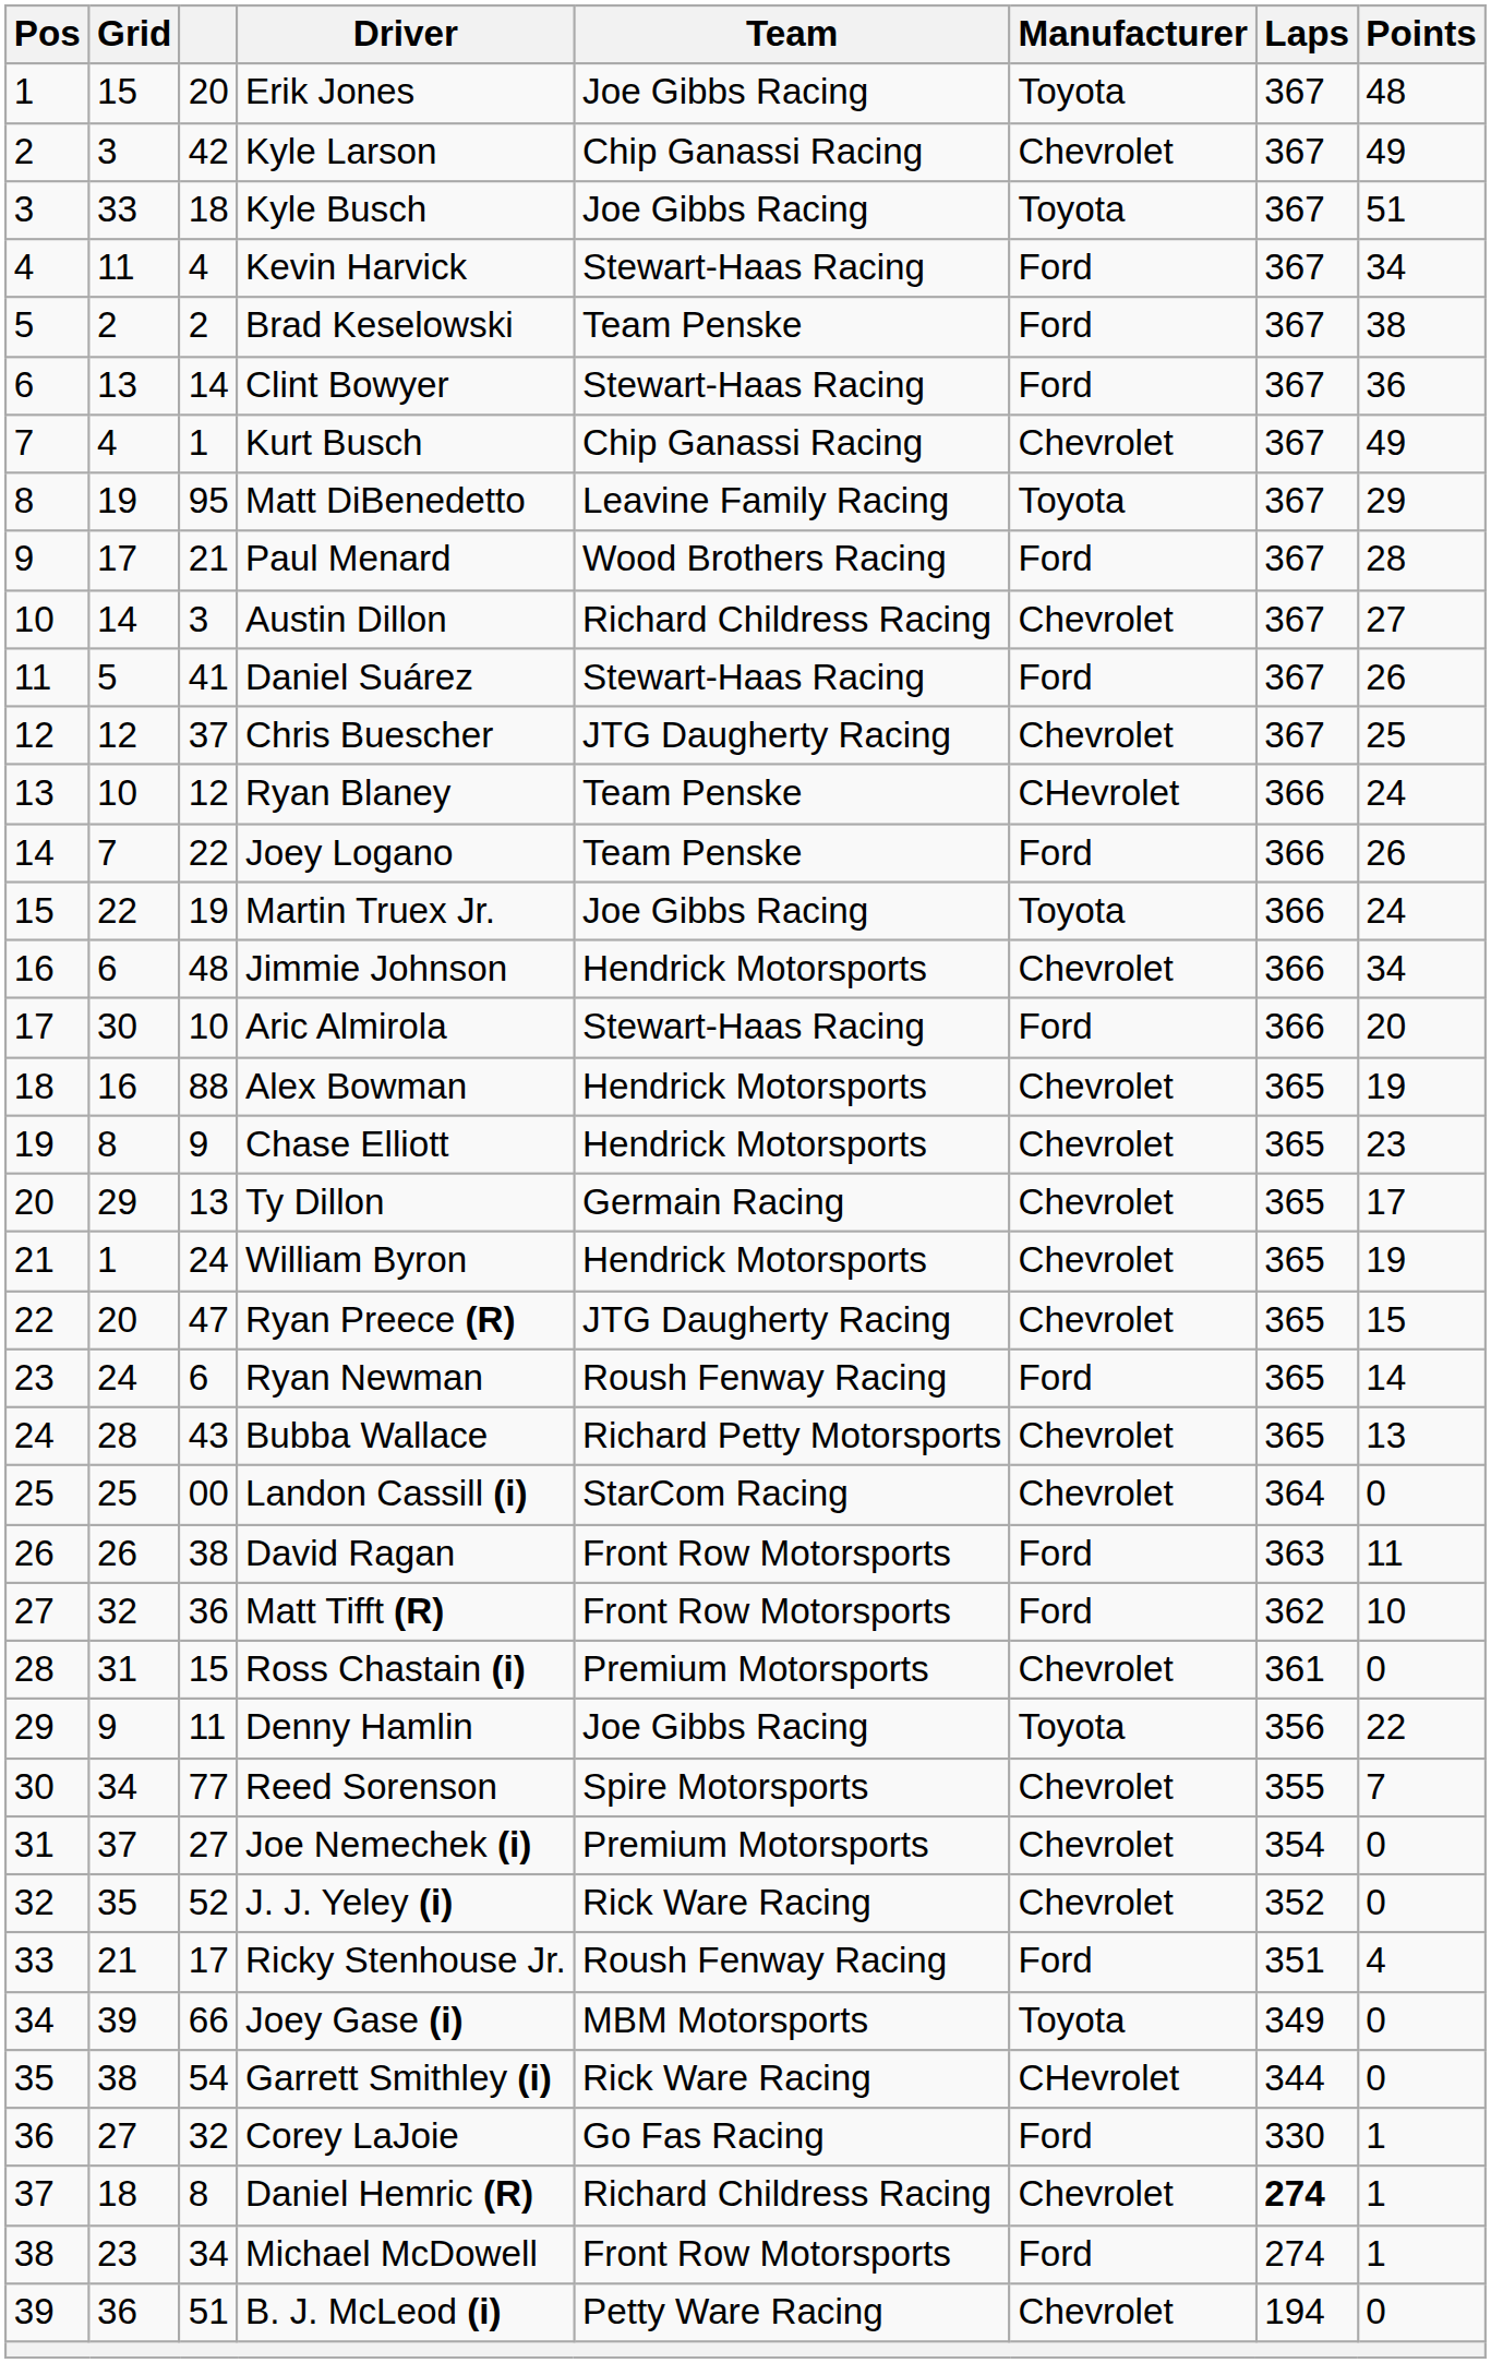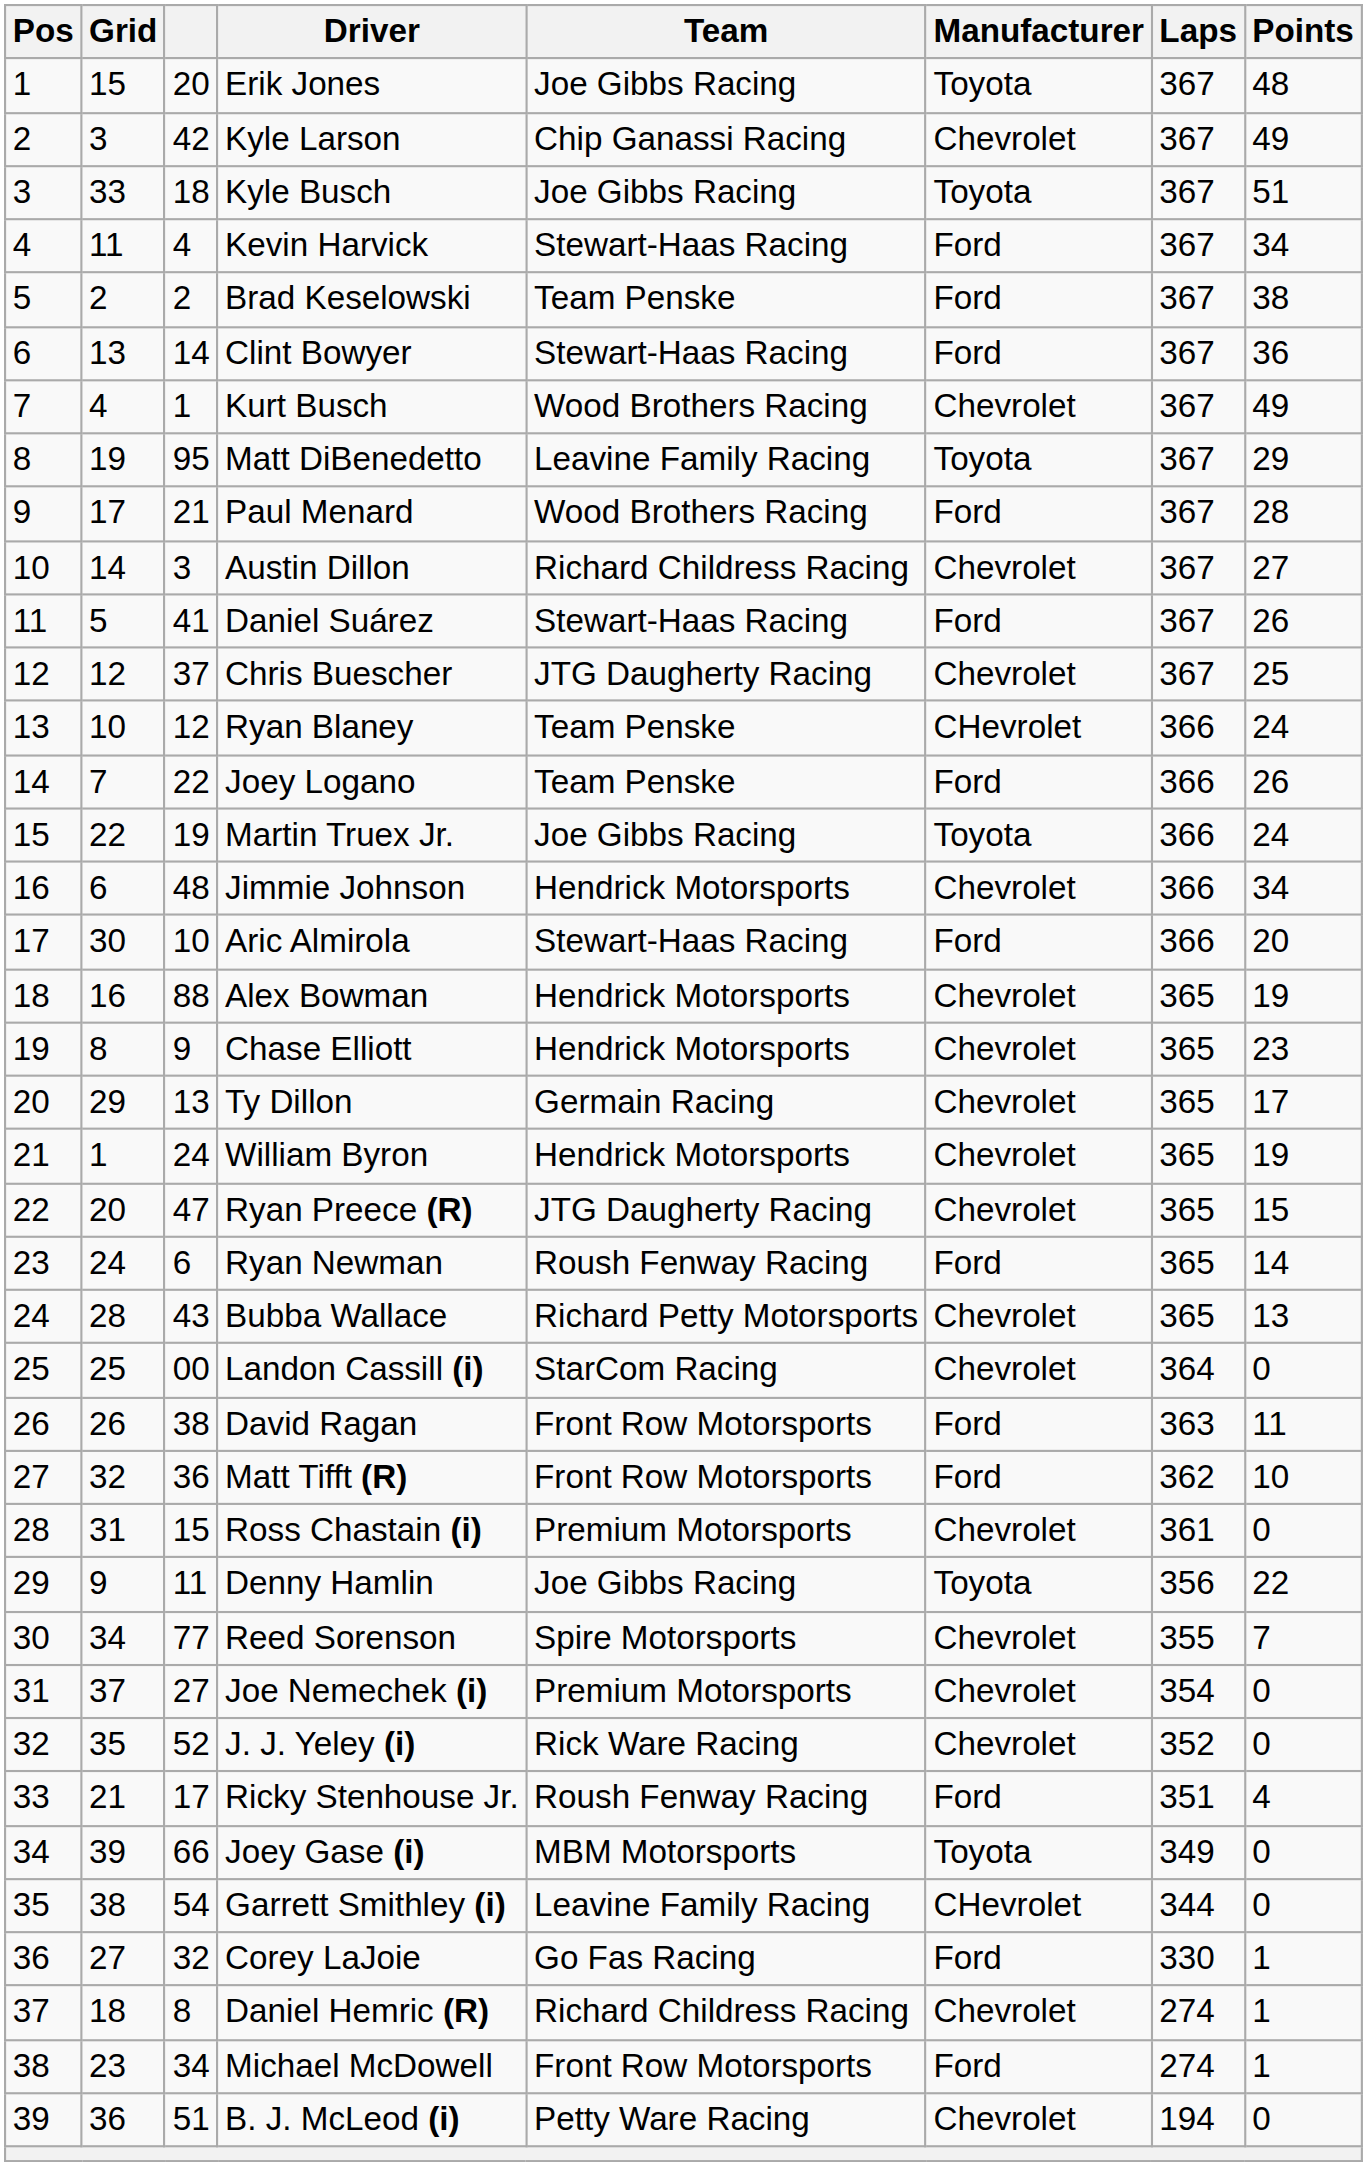 <table class="wikitable" style="font-size:98%">
 <tr>
 <th>Pos</th>
 <th>Grid</th>
 <th></th>
 <th>Driver</th>
 <th>Team</th>
 <th>Manufacturer</th>
 <th>Laps</th>
 <th>Points</th>
 </tr>
 <tr>
 <td>1</td>
 <td>15</td>
 <td>20</td>
 <td>Erik Jones</td>
 <td>Joe Gibbs Racing</td>
 <td>Toyota</td>
 <td>367</td>
 <td>48</td>
 </tr>
 <tr>
 <td>2</td>
 <td>3</td>
 <td>42</td>
 <td>Kyle Larson</td>
 <td>Chip Ganassi Racing</td>
 <td>Chevrolet</td>
 <td>367</td>
 <td>49</td>
 </tr>
 <tr>
 <td>3</td>
 <td>33</td>
 <td>18</td>
 <td>Kyle Busch</td>
 <td>Joe Gibbs Racing</td>
 <td>Toyota</td>
 <td>367</td>
 <td>51</td>
 </tr>
 <tr>
 <td>4</td>
 <td>11</td>
 <td>4</td>
 <td>Kevin Harvick</td>
 <td>Stewart-Haas Racing</td>
 <td>Ford</td>
 <td>367</td>
 <td>34</td>
 </tr>
 <tr>
 <td>5</td>
 <td>2</td>
 <td>2</td>
 <td>Brad Keselowski</td>
 <td>Team Penske</td>
 <td>Ford</td>
 <td>367</td>
 <td>38</td>
 </tr>
 <tr>
 <td>6</td>
 <td>13</td>
 <td>14</td>
 <td>Clint Bowyer</td>
 <td>Stewart-Haas Racing</td>
 <td>Ford</td>
 <td>367</td>
 <td>36</td>
 </tr>
 <tr>
 <td>7</td>
 <td>4</td>
 <td>1</td>
 <td>Kurt Busch</td>
-<td>Chip Ganassi Racing</td>
+<td>Wood Brothers Racing</td>
 <td>Chevrolet</td>
 <td>367</td>
 <td>49</td>
 </tr>
 <tr>
 <td>8</td>
 <td>19</td>
 <td>95</td>
 <td>Matt DiBenedetto</td>
 <td>Leavine Family Racing</td>
 <td>Toyota</td>
 <td>367</td>
 <td>29</td>
 </tr>
 <tr>
 <td>9</td>
 <td>17</td>
 <td>21</td>
 <td>Paul Menard</td>
 <td>Wood Brothers Racing</td>
 <td>Ford</td>
 <td>367</td>
 <td>28</td>
 </tr>
 <tr>
 <td>10</td>
 <td>14</td>
 <td>3</td>
 <td>Austin Dillon</td>
 <td>Richard Childress Racing</td>
 <td>Chevrolet</td>
 <td>367</td>
 <td>27</td>
 </tr>
 <tr>
 <td>11</td>
 <td>5</td>
 <td>41</td>
 <td>Daniel Suárez</td>
 <td>Stewart-Haas Racing</td>
 <td>Ford</td>
 <td>367</td>
 <td>26</td>
 </tr>
 <tr>
 <td>12</td>
 <td>12</td>
 <td>37</td>
 <td>Chris Buescher</td>
 <td>JTG Daugherty Racing</td>
 <td>Chevrolet</td>
 <td>367</td>
 <td>25</td>
 </tr>
 <tr>
 <td>13</td>
 <td>10</td>
 <td>12</td>
 <td>Ryan Blaney</td>
 <td>Team Penske</td>
 <td>CHevrolet</td>
 <td>366</td>
 <td>24</td>
 </tr>
 <tr>
 <td>14</td>
 <td>7</td>
 <td>22</td>
 <td>Joey Logano</td>
 <td>Team Penske</td>
 <td>Ford</td>
 <td>366</td>
 <td>26</td>
 </tr>
 <tr>
 <td>15</td>
 <td>22</td>
 <td>19</td>
 <td>Martin Truex Jr.</td>
 <td>Joe Gibbs Racing</td>
 <td>Toyota</td>
 <td>366</td>
 <td>24</td>
 </tr>
 <tr>
 <td>16</td>
 <td>6</td>
 <td>48</td>
 <td>Jimmie Johnson</td>
 <td>Hendrick Motorsports</td>
 <td>Chevrolet</td>
 <td>366</td>
 <td>34</td>
 </tr>
 <tr>
 <td>17</td>
 <td>30</td>
 <td>10</td>
 <td>Aric Almirola</td>
 <td>Stewart-Haas Racing</td>
 <td>Ford</td>
 <td>366</td>
 <td>20</td>
 </tr>
 <tr>
 <td>18</td>
 <td>16</td>
 <td>88</td>
 <td>Alex Bowman</td>
 <td>Hendrick Motorsports</td>
 <td>Chevrolet</td>
 <td>365</td>
 <td>19</td>
 </tr>
 <tr>
 <td>19</td>
 <td>8</td>
 <td>9</td>
 <td>Chase Elliott</td>
 <td>Hendrick Motorsports</td>
 <td>Chevrolet</td>
 <td>365</td>
 <td>23</td>
 </tr>
 <tr>
 <td>20</td>
 <td>29</td>
 <td>13</td>
 <td>Ty Dillon</td>
 <td>Germain Racing</td>
 <td>Chevrolet</td>
 <td>365</td>
 <td>17</td>
 </tr>
 <tr>
 <td>21</td>
 <td>1</td>
 <td>24</td>
 <td>William Byron</td>
 <td>Hendrick Motorsports</td>
 <td>Chevrolet</td>
 <td>365</td>
 <td>19</td>
 </tr>
 <tr>
 <td>22</td>
 <td>20</td>
 <td>47</td>
 <td>Ryan Preece <strong>(R)</strong></td>
 <td>JTG Daugherty Racing</td>
 <td>Chevrolet</td>
 <td>365</td>
 <td>15</td>
 </tr>
 <tr>
 <td>23</td>
 <td>24</td>
 <td>6</td>
 <td>Ryan Newman</td>
 <td>Roush Fenway Racing</td>
 <td>Ford</td>
 <td>365</td>
 <td>14</td>
 </tr>
 <tr>
 <td>24</td>
 <td>28</td>
 <td>43</td>
 <td>Bubba Wallace</td>
 <td>Richard Petty Motorsports</td>
 <td>Chevrolet</td>
 <td>365</td>
 <td>13</td>
 </tr>
 <tr>
 <td>25</td>
 <td>25</td>
 <td>00</td>
 <td>Landon Cassill <strong>(i)</strong></td>
 <td>StarCom Racing</td>
 <td>Chevrolet</td>
 <td>364</td>
 <td>0</td>
 </tr>
 <tr>
 <td>26</td>
 <td>26</td>
 <td>38</td>
 <td>David Ragan</td>
 <td>Front Row Motorsports</td>
 <td>Ford</td>
 <td>363</td>
 <td>11</td>
 </tr>
 <tr>
 <td>27</td>
 <td>32</td>
 <td>36</td>
 <td>Matt Tifft <strong>(R)</strong></td>
 <td>Front Row Motorsports</td>
 <td>Ford</td>
 <td>362</td>
 <td>10</td>
 </tr>
 <tr>
 <td>28</td>
 <td>31</td>
 <td>15</td>
 <td>Ross Chastain <strong>(i)</strong></td>
 <td>Premium Motorsports</td>
 <td>Chevrolet</td>
 <td>361</td>
 <td>0</td>
 </tr>
 <tr>
 <td>29</td>
 <td>9</td>
 <td>11</td>
 <td>Denny Hamlin</td>
 <td>Joe Gibbs Racing</td>
 <td>Toyota</td>
 <td>356</td>
 <td>22</td>
 </tr>
 <tr>
 <td>30</td>
 <td>34</td>
 <td>77</td>
 <td>Reed Sorenson</td>
 <td>Spire Motorsports</td>
 <td>Chevrolet</td>
 <td>355</td>
 <td>7</td>
 </tr>
 <tr>
 <td>31</td>
 <td>37</td>
 <td>27</td>
 <td>Joe Nemechek <strong>(i)</strong></td>
 <td>Premium Motorsports</td>
 <td>Chevrolet</td>
 <td>354</td>
 <td>0</td>
 </tr>
 <tr>
 <td>32</td>
 <td>35</td>
 <td>52</td>
 <td>J. J. Yeley <strong>(i)</strong></td>
 <td>Rick Ware Racing</td>
 <td>Chevrolet</td>
 <td>352</td>
 <td>0</td>
 </tr>
 <tr>
 <td>33</td>
 <td>21</td>
 <td>17</td>
 <td>Ricky Stenhouse Jr.</td>
 <td>Roush Fenway Racing</td>
 <td>Ford</td>
 <td>351</td>
 <td>4</td>
 </tr>
 <tr>
 <td>34</td>
 <td>39</td>
 <td>66</td>
 <td>Joey Gase <strong>(i)</strong></td>
 <td>MBM Motorsports</td>
 <td>Toyota</td>
 <td>349</td>
 <td>0</td>
 </tr>
 <tr>
 <td>35</td>
 <td>38</td>
 <td>54</td>
 <td>Garrett Smithley <strong>(i)</strong></td>
-<td>Rick Ware Racing</td>
+<td>Leavine Family Racing</td>
 <td>CHevrolet</td>
 <td>344</td>
 <td>0</td>
 </tr>
 <tr>
 <td>36</td>
 <td>27</td>
 <td>32</td>
 <td>Corey LaJoie</td>
 <td>Go Fas Racing</td>
 <td>Ford</td>
 <td>330</td>
 <td>1</td>
 </tr>
 <tr>
 <td>37</td>
 <td>18</td>
 <td>8</td>
 <td>Daniel Hemric <strong>(R)</strong></td>
 <td>Richard Childress Racing</td>
 <td>Chevrolet</td>
-<td><strong>274</strong></td>
+<td>274</td>
 <td>1</td>
 </tr>
 <tr>
 <td>38</td>
 <td>23</td>
 <td>34</td>
 <td>Michael McDowell</td>
 <td>Front Row Motorsports</td>
 <td>Ford</td>
 <td>274</td>
 <td>1</td>
 </tr>
 <tr>
 <td>39</td>
 <td>36</td>
 <td>51</td>
 <td>B. J. McLeod <strong>(i)</strong></td>
 <td>Petty Ware Racing</td>
 <td>Chevrolet</td>
 <td>194</td>
 <td>0</td>
 </tr>
 <tr>
 <th colspan="8"></th>
 </tr>
 </table>
